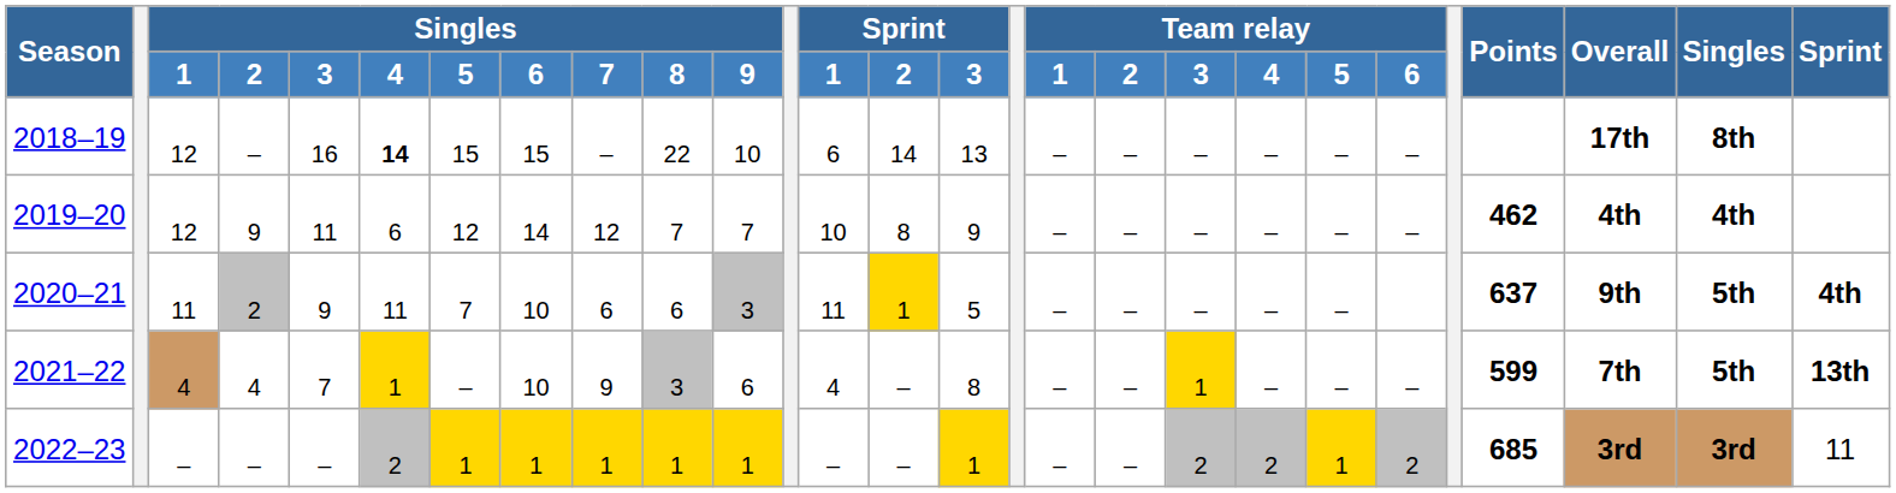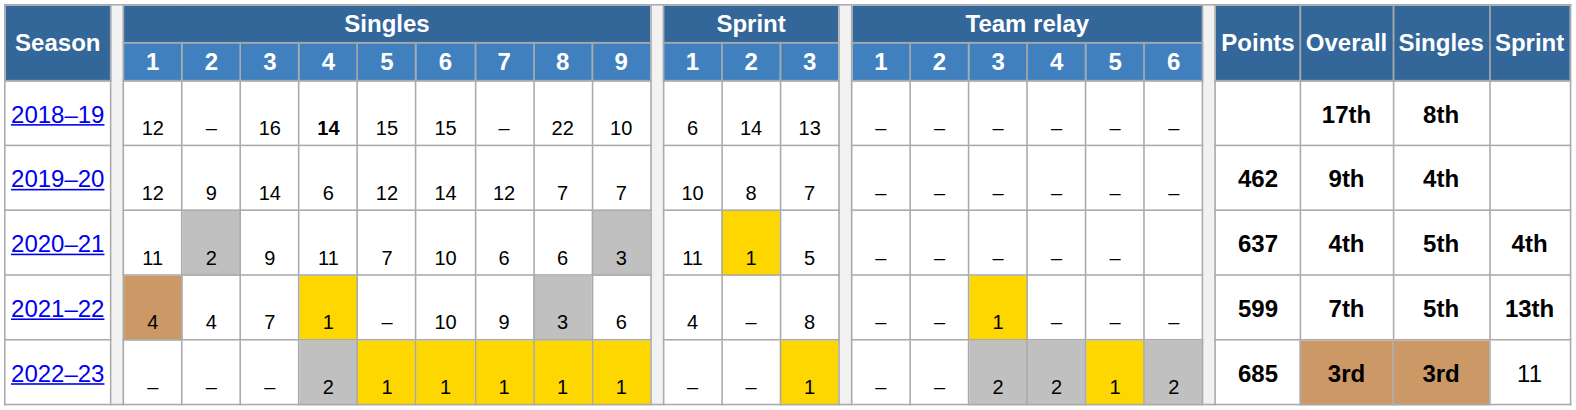 <table class="wikitable" style="font-size:95%; text-align:center; border:grey solid 1px; border-collapse:collapse; background:#ffffff;">
 <tr>
 <th rowspan="2" style="background-color:#369; color:white; width:60px">Season</th>
 <th rowspan="10" width="1px"></th>
 <th colspan="9" style="background-color:#369; color:white;">Singles</th>
 <th rowspan="10" width="1px"></th>
 <th colspan="3" style="background-color:#369; color:white;">Sprint</th>
 <th rowspan="10" width="1px"></th>
 <th colspan="6" style="background-color:#369; color:white;">Team relay</th>
 <th rowspan="10" width="1px"></th>
 <th rowspan="2" style="background-color:#369; color:white; width:40px">Points</th>
 <th rowspan="2" style="background-color:#369; color:white; width:40px">Overall</th>
 <th rowspan="2" style="background-color:#369; color:white; width:40px">Singles</th>
 <th rowspan="2" style="background-color:#369; color:white; width:40px">Sprint</th>
 </tr>
 <tr>
 <th style="background-color:#4180be; color:white; width:30px">1</th>
 <th style="background-color:#4180be; color:white; width:30px">2</th>
 <th style="background-color:#4180be; color:white; width:30px">3</th>
 <th style="background-color:#4180be; color:white; width:30px">4</th>
 <th style="background-color:#4180be; color:white; width:30px">5</th>
 <th style="background-color:#4180be; color:white; width:30px">6</th>
 <th style="background-color:#4180be; color:white; width:30px">7</th>
 <th style="background-color:#4180be; color:white; width:30px">8</th>
 <th style="background-color:#4180be; color:white; width:30px">9</th>
 <th style="background-color:#4180be; color:white; width:30px">1</th>
 <th style="background-color:#4180be; color:white; width:30px">2</th>
 <th style="background-color:#4180be; color:white; width:30px">3</th>
 <th style="background-color:#4180be; color:white; width:30px">1</th>
 <th style="background-color:#4180be; color:white; width:30px">2</th>
 <th style="background-color:#4180be; color:white; width:30px">3</th>
 <th style="background-color:#4180be; color:white; width:30px">4</th>
 <th style="background-color:#4180be; color:white; width:30px">5</th>
 <th style="background-color:#4180be; color:white; width:30px">6</th>
 </tr>
 <tr>
 <td><a href='#'>2018–19</a></td>
 <td><br><small>12</small></td>
 <td><br><small>–</small></td>
 <td><br><small>16</small></td>
 <td><strong><br><small>14</small></strong></td>
 <td><br><small>15</small></td>
 <td><br><small>15</small></td>
 <td><br><small>–</small></td>
 <td><br><small>22</small></td>
 <td><br><small>10</small></td>
 <td><br><small>6</small></td>
 <td><br><small>14</small></td>
 <td><br><small>13</small></td>
 <td><br><small>–</small></td>
 <td><br><small>–</small></td>
 <td><br><small>–</small></td>
 <td><br><small>–</small></td>
 <td><br><small>–</small></td>
 <td><br><small>–</small></td>
 <td></td>
 <td><strong>17th</strong></td>
 <td><strong>8th</strong></td>
 <td></td>
 </tr>
 <tr>
 <td><a href='#'>2019–20</a></td>
 <td><br><small>12</small></td>
 <td><br><small>9</small></td>
-<td><br><small>11</small></td>
+<td><br><small>14</small></td>
 <td><br><small>6</small></td>
 <td><br><small>12</small></td>
 <td><br><small>14</small></td>
 <td><br><small>12</small></td>
 <td><br><small>7</small></td>
 <td><br><small>7</small></td>
 <td><br><small>10</small></td>
 <td><br><small>8</small></td>
-<td><br><small>9</small></td>
+<td><br><small>7</small></td>
 <td><br><small>–</small></td>
 <td><br><small>–</small></td>
 <td><br><small>–</small></td>
 <td><br><small>–</small></td>
 <td><br><small>–</small></td>
 <td><br><small>–</small></td>
 <td><strong>462</strong></td>
-<td><strong>4th</strong></td>
+<td><strong>9th</strong></td>
 <td><strong>4th</strong></td>
 <td></td>
 </tr>
 <tr>
 <td><a href='#'>2020–21</a></td>
 <td><br><small>11</small></td>
 <td style="background:silver;"><br><small>2</small></td>
 <td><br><small>9</small></td>
 <td><br><small>11</small></td>
 <td><br><small>7</small></td>
 <td><br><small>10</small></td>
 <td><br><small>6</small></td>
 <td><br><small>6</small></td>
 <td style="background:silver;"><br><small>3</small></td>
 <td><br><small>11</small></td>
 <td style="background:gold;"><br><small>1</small></td>
 <td><br><small>5</small></td>
 <td><br><small>–</small></td>
 <td><br><small>–</small></td>
 <td><br><small>–</small></td>
 <td><br><small>–</small></td>
 <td><br><small>–</small></td>
 <td><br><small></small></td>
 <td><strong>637</strong></td>
-<td><strong>9th</strong></td>
+<td><strong>4th</strong></td>
 <td><strong>5th</strong></td>
 <td><strong>4th</strong></td>
 </tr>
 <tr>
 <td><a href='#'>2021–22</a></td>
 <td style="background:#cc9966;"><br><small>4</small></td>
 <td><br><small>4</small></td>
 <td><br><small>7</small></td>
 <td style="background:gold;"><br><small>1</small></td>
 <td><br><small>–</small></td>
 <td><br><small>10</small></td>
 <td><br><small>9</small></td>
 <td style="background:silver;"><br><small>3</small></td>
 <td><br><small>6</small></td>
 <td><br><small>4</small></td>
 <td><br><small>–</small></td>
 <td><br><small>8</small></td>
 <td><br><small>–</small></td>
 <td><br><small>–</small></td>
 <td style="background:gold;"><br><small>1</small></td>
 <td><br><small>–</small></td>
 <td><br><small>–</small></td>
 <td><br><small>–</small></td>
 <td><strong>599</strong></td>
 <td><strong>7th</strong></td>
 <td><strong>5th</strong></td>
 <td><strong>13th</strong></td>
 </tr>
 <tr>
 <td><a href='#'>2022–23</a></td>
 <td><br><small>–</small></td>
 <td><br><small>–</small></td>
 <td><br><small>–</small></td>
 <td style="background:silver;"><br><small>2</small></td>
 <td style="background:gold;"><br><small>1</small></td>
 <td style="background:gold;"><br><small>1</small></td>
 <td style="background:gold;"><br><small>1</small></td>
 <td style="background:gold;"><br><small>1</small></td>
 <td style="background:gold;"><br><small>1</small></td>
 <td><br><small>–</small></td>
 <td><br><small>–</small></td>
 <td style="background:gold;"><br><small>1</small></td>
 <td><br><small>–</small></td>
 <td><br><small>–</small></td>
 <td style="background:silver;"><br><small>2</small></td>
 <td style="background:silver;"><br><small>2</small></td>
 <td style="background:gold;"><br><small>1</small></td>
 <td style="background:silver;"><br><small>2</small></td>
 <td><strong>685</strong></td>
 <td style="background:#cc9966;"><strong>3rd</strong></td>
 <td style="background:#cc9966;"><strong>3rd</strong></td>
 <td>11</td>
 </tr>
 </table>
